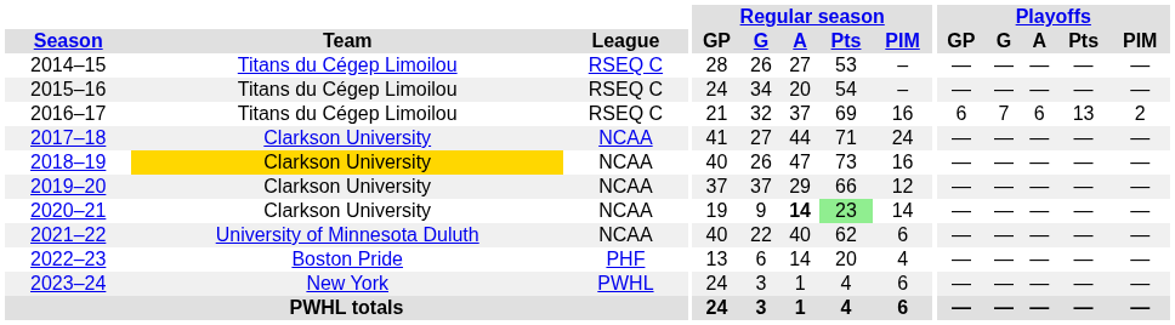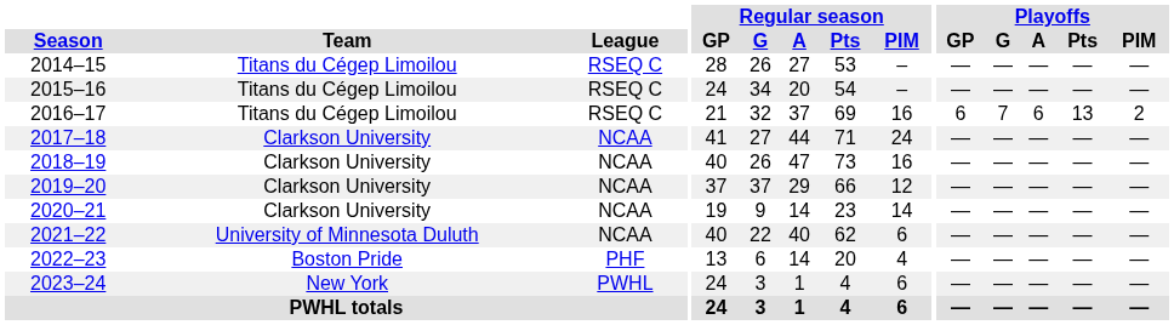 <table border="0" cellpadding="1" cellspacing="0" style="text-align:center; width:60em">
 <tr bgcolor="#e0e0e0">
 <th colspan="3" bgcolor="#ffffff"></th>
 <th rowspan="97" bgcolor="#ffffff"></th>
 <th colspan="5"><a href='#'>Regular season</a></th>
 <th rowspan="97" bgcolor="#ffffff"></th>
 <th colspan="5"><a href='#'>Playoffs</a></th>
 </tr>
 <tr bgcolor="#e0e0e0">
 <th><a href='#'>Season</a></th>
 <th>Team</th>
 <th>League</th>
 <th>GP</th>
 <th><a href='#'>G</a></th>
 <th><a href='#'>A</a></th>
 <th><a href='#'>Pts</a></th>
 <th><a href='#'>PIM</a></th>
 <th>GP</th>
 <th>G</th>
 <th>A</th>
 <th>Pts</th>
 <th>PIM</th>
 </tr>
 <tr>
 <td>2014–15</td>
 <td><a href='#'>Titans du Cégep Limoilou</a></td>
 <td><a href='#'>RSEQ C</a></td>
 <td>28</td>
 <td>26</td>
 <td>27</td>
 <td>53</td>
 <td>–</td>
 <td>—</td>
 <td>—</td>
 <td>—</td>
 <td>—</td>
 <td>—</td>
 </tr>
 <tr bgcolor="#f0f0f0">
 <td>2015–16</td>
 <td>Titans du Cégep Limoilou</td>
 <td>RSEQ C</td>
 <td>24</td>
 <td>34</td>
 <td>20</td>
 <td>54</td>
 <td>–</td>
 <td>—</td>
 <td>—</td>
 <td>—</td>
 <td>—</td>
 <td>—</td>
 </tr>
 <tr>
 <td>2016–17</td>
 <td>Titans du Cégep Limoilou</td>
 <td>RSEQ C</td>
 <td>21</td>
 <td>32</td>
 <td>37</td>
 <td>69</td>
 <td>16</td>
 <td>6</td>
 <td>7</td>
 <td>6</td>
 <td>13</td>
 <td>2</td>
 </tr>
 <tr bgcolor="#f0f0f0">
 <td><a href='#'>2017–18</a></td>
 <td><a href='#'>Clarkson University</a></td>
 <td><a href='#'>NCAA</a></td>
 <td>41</td>
 <td>27</td>
 <td>44</td>
 <td>71</td>
 <td>24</td>
 <td>—</td>
 <td>—</td>
 <td>—</td>
 <td>—</td>
 <td>—</td>
 </tr>
 <tr>
 <td><a href='#'>2018–19</a></td>
-<td style="background: gold;">Clarkson University</td>
+<td>Clarkson University</td>
 <td>NCAA</td>
 <td>40</td>
 <td>26</td>
 <td>47</td>
 <td>73</td>
 <td>16</td>
 <td>—</td>
 <td>—</td>
 <td>—</td>
 <td>—</td>
 <td>—</td>
 </tr>
 <tr bgcolor="#f0f0f0">
 <td><a href='#'>2019–20</a></td>
 <td>Clarkson University</td>
 <td>NCAA</td>
 <td>37</td>
 <td>37</td>
 <td>29</td>
 <td>66</td>
 <td>12</td>
 <td>—</td>
 <td>—</td>
 <td>—</td>
 <td>—</td>
 <td>—</td>
 </tr>
 <tr>
 <td><a href='#'>2020–21</a></td>
 <td>Clarkson University</td>
 <td>NCAA</td>
 <td>19</td>
 <td>9</td>
-<td><strong>14</strong></td>
-<td style="background: lightgreen;">23</td>
+<td>14</td>
+<td>23</td>
 <td>14</td>
 <td>—</td>
 <td>—</td>
 <td>—</td>
 <td>—</td>
 <td>—</td>
 </tr>
 <tr bgcolor="#f0f0f0">
 <td><a href='#'>2021–22</a></td>
 <td><a href='#'>University of Minnesota Duluth</a></td>
 <td>NCAA</td>
 <td>40</td>
 <td>22</td>
 <td>40</td>
 <td>62</td>
 <td>6</td>
 <td>—</td>
 <td>—</td>
 <td>—</td>
 <td>—</td>
 <td>—</td>
 </tr>
 <tr>
 <td><a href='#'>2022–23</a></td>
 <td><a href='#'>Boston Pride</a></td>
 <td><a href='#'>PHF</a></td>
 <td>13</td>
 <td>6</td>
 <td>14</td>
 <td>20</td>
 <td>4</td>
 <td>—</td>
 <td>—</td>
 <td>—</td>
 <td>—</td>
 <td>—</td>
 </tr>
 <tr bgcolor="f0f0f0">
 <td><a href='#'>2023–24</a></td>
 <td><a href='#'>New York</a></td>
 <td><a href='#'>PWHL</a></td>
 <td>24</td>
 <td>3</td>
 <td>1</td>
 <td>4</td>
 <td>6</td>
 <td>—</td>
 <td>—</td>
 <td>—</td>
 <td>—</td>
 <td>—</td>
 </tr>
 <tr bgcolor="#e0e0e0">
 <th colspan="3">PWHL totals</th>
 <th>24</th>
 <th>3</th>
 <th>1</th>
 <th>4</th>
 <th>6</th>
 <th>—</th>
 <th>—</th>
 <th>—</th>
 <th>—</th>
 <th>—</th>
 </tr>
 </table>
